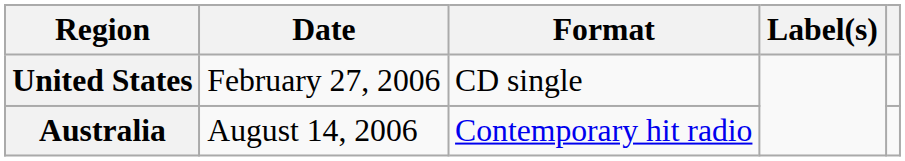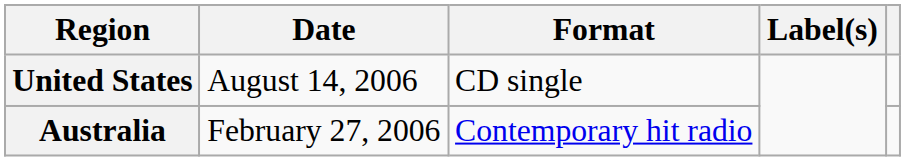 <table class="wikitable plainrowheaders">
 <tr>
 <th>Region</th>
 <th>Date</th>
 <th>Format</th>
 <th>Label(s)</th>
 <th></th>
 </tr>
 <tr>
 <th scope="row">United States</th>
-<td>February 27, 2006</td>
+<td>August 14, 2006</td>
 <td>CD single</td>
 <td rowspan="2"></td>
 <td></td>
 </tr>
 <tr>
 <th scope="row">Australia</th>
-<td>August 14, 2006</td>
+<td>February 27, 2006</td>
 <td><a href='#'>Contemporary hit radio</a></td>
 <td></td>
 </tr>
 </table>
